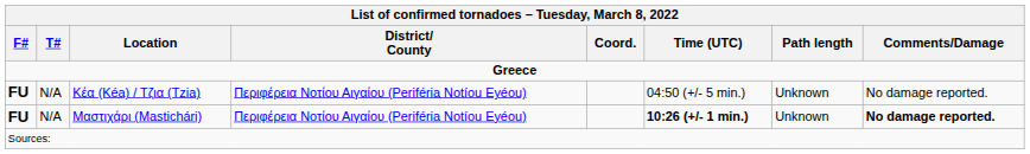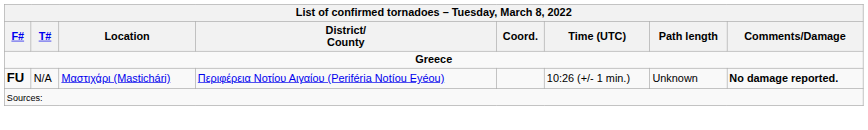 <table class="wikitable collapsible" width="100%">
 <tr>
 <th colspan="8">List of confirmed tornadoes – Tuesday, March 8, 2022</th>
 </tr>
 <tr>
 <th><a href='#'>F#</a></th>
 <th><a href='#'>T#</a></th>
 <th>Location</th>
 <th>District/<br>County</th>
 <th>Coord.</th>
 <th>Time (UTC)</th>
 <th>Path length</th>
 <th>Comments/Damage</th>
 </tr>
 <tr>
 <td colspan="8" align=center><strong>Greece</strong></td>
 </tr>
 <tr>
 <td><big><strong>FU</strong></big></td>
 <td>N/A</td>
-<td><a href='#'>Κέα (Kéa) / Τζια (Tzia)</a></td>
-<td><a href='#'>Περιφέρεια Νοτίου Αιγαίου (Periféria Notíou Eyéou)</a></td>
-<td></td>
-<td>04:50 (+/- 5 min.)</td>
-<td>Unknown</td>
-<td>No damage reported.</td>
-</tr>
-<tr>
-<td><big><strong>FU</strong></big></td>
-<td>N/A</td>
 <td><a href='#'>Μαστιχάρι (Mastichári)</a></td>
 <td><a href='#'>Περιφέρεια Νοτίου Αιγαίου (Periféria Notíou Eyéou)</a></td>
 <td></td>
-<td><strong>10:26 (+/- 1 min.)</strong></td>
+<td>10:26 (+/- 1 min.)</td>
 <td>Unknown</td>
 <td><strong>No damage reported.</strong></td>
 </tr>
 <tr>
 <td colspan="8"><small>Sources:  </small></td>
 </tr>
 </table>
